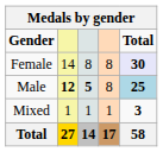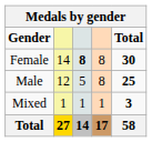 <table class="wikitable" style="font-size:95%; float:right;">
 <tr style="background:#efefef;">
 <th colspan=7>Medals by gender</th>
 </tr>
 <tr align=center>
 <td><strong>Gender</strong></td>
 <td style="background:#f7f6a8;"></td>
 <td style="background:#dce5e5;"></td>
 <td style="background:#ffdab9;"></td>
 <td><strong>Total</strong></td>
 </tr>
 <tr align=center>
 <td>Female</td>
 <td bgcolor=F7F6A8>14</td>
-<td bgcolor=DCE5E5>8</td>
+<td bgcolor=DCE5E5><strong>8</strong></td>
 <td bgcolor=FFDAB9>8</td>
-<td style="background: lavender;"><strong>30</strong></td>
+<td><strong>30</strong></td>
 </tr>
 <tr align=center>
 <td>Male</td>
-<td bgcolor=F7F6A8><strong>12</strong></td>
-<td bgcolor=DCE5E5><strong>5</strong></td>
+<td bgcolor=F7F6A8>12</td>
+<td bgcolor=DCE5E5>5</td>
 <td bgcolor=FFDAB9>8</td>
-<td style="background: lightblue;"><strong>25</strong></td>
+<td><strong>25</strong></td>
 </tr>
 <tr align=center>
 <td>Mixed</td>
 <td bgcolor=F7F6A8>1</td>
 <td bgcolor=DCE5E5>1</td>
 <td bgcolor=FFDAB9>1</td>
 <td><strong>3</strong></td>
 </tr>
 <tr align=center>
 <th>Total</th>
 <th style=background:gold>27</th>
 <th style=background:silver>14</th>
 <th style=background:#c96>17</th>
 <th>58</th>
 </tr>
 </table>
